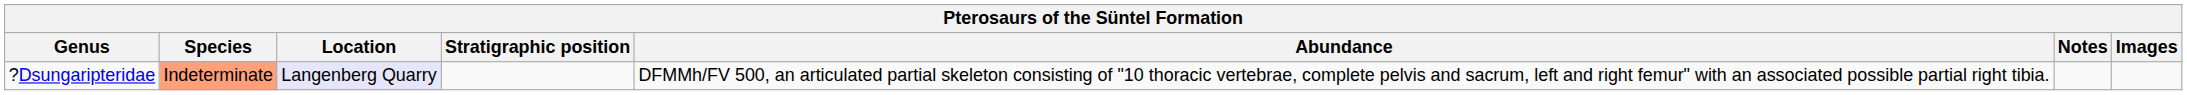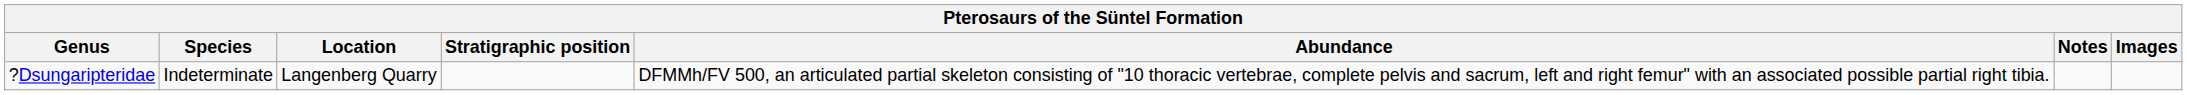 <table class="wikitable sortable">
 <tr>
 <th colspan="7" align="center"><strong>Pterosaurs of the Süntel Formation</strong></th>
 </tr>
 <tr>
 <th>Genus</th>
 <th>Species</th>
 <th>Location</th>
 <th>Stratigraphic position</th>
 <th>Abundance</th>
 <th>Notes</th>
 <th>Images</th>
 </tr>
 <tr>
 <td>?<a href='#'>Dsungaripteridae</a></td>
-<td style="background: lightsalmon;">Indeterminate</td>
-<td style="background: lavender;">Langenberg Quarry</td>
+<td>Indeterminate</td>
+<td>Langenberg Quarry</td>
 <td></td>
 <td>DFMMh/FV 500, an articulated partial skeleton consisting of  "10 thoracic vertebrae, complete pelvis and sacrum, left and right femur" with an associated possible partial right tibia.</td>
 <td></td>
 <td></td>
 </tr>
 </table>
